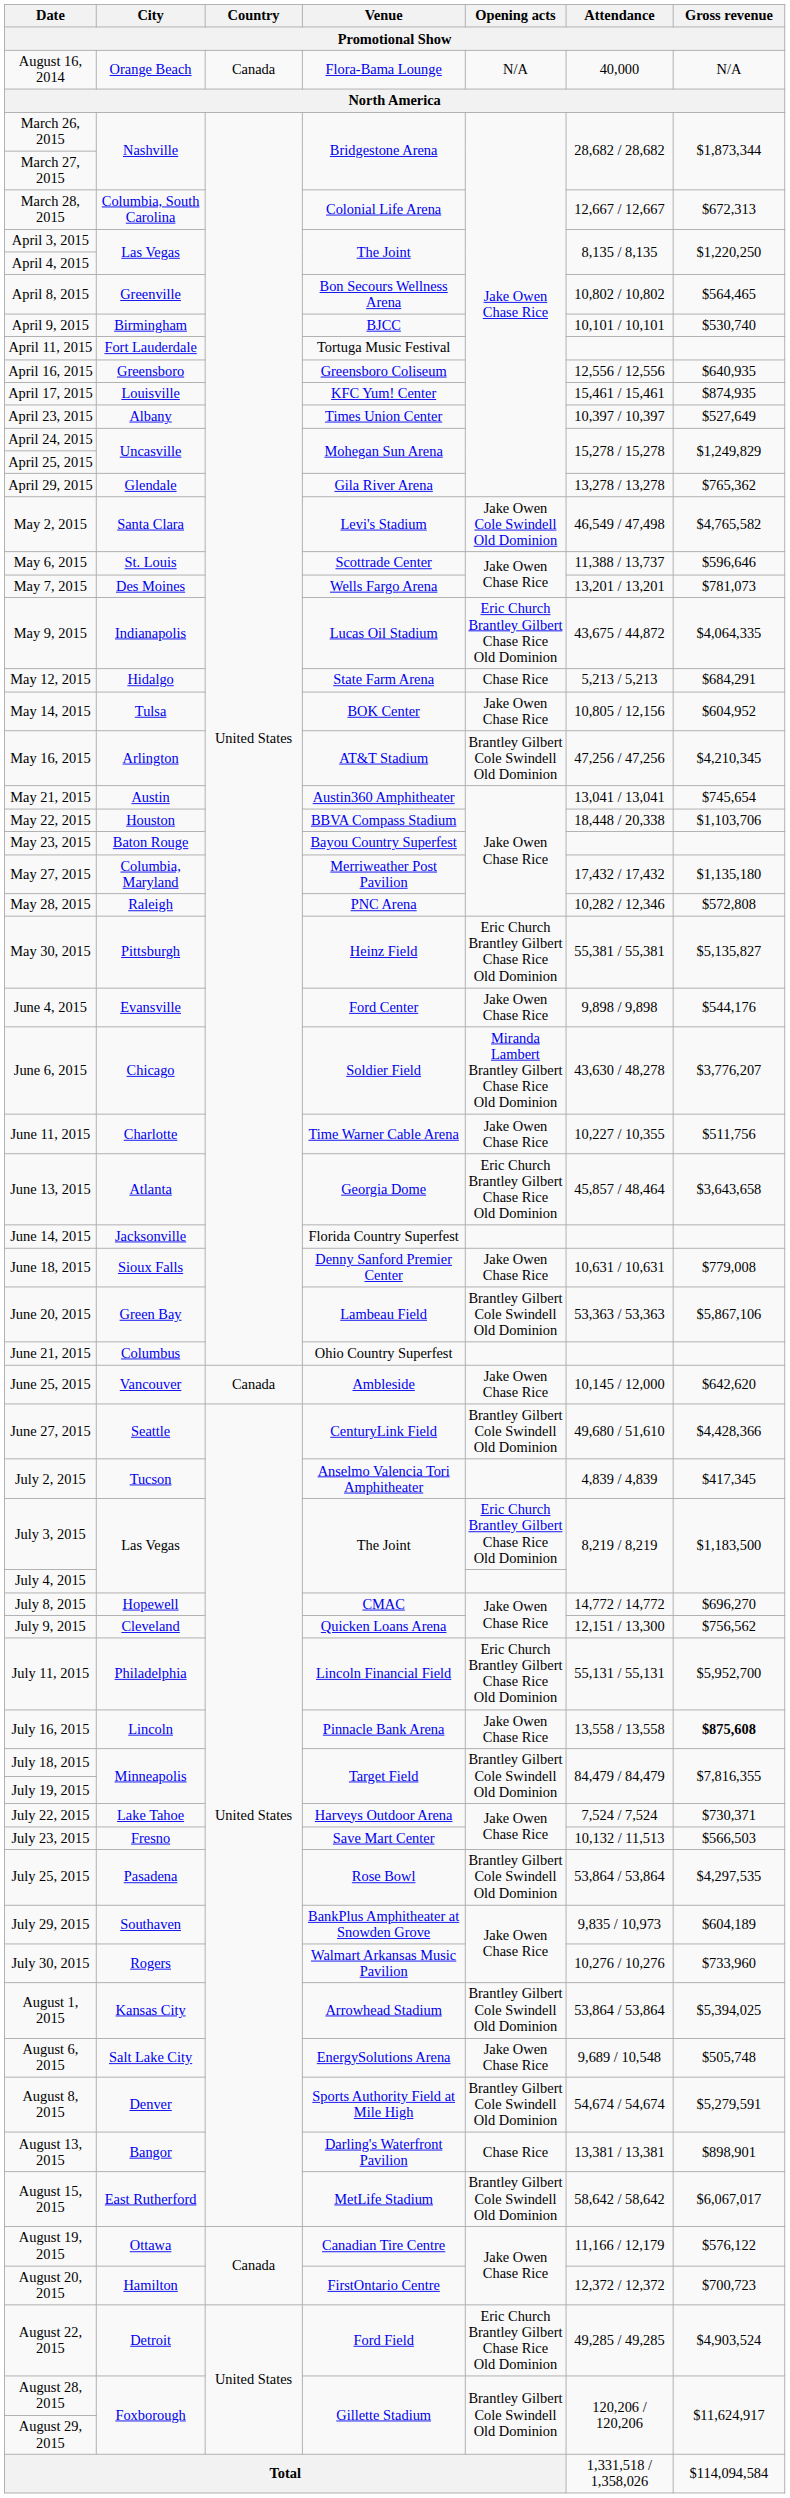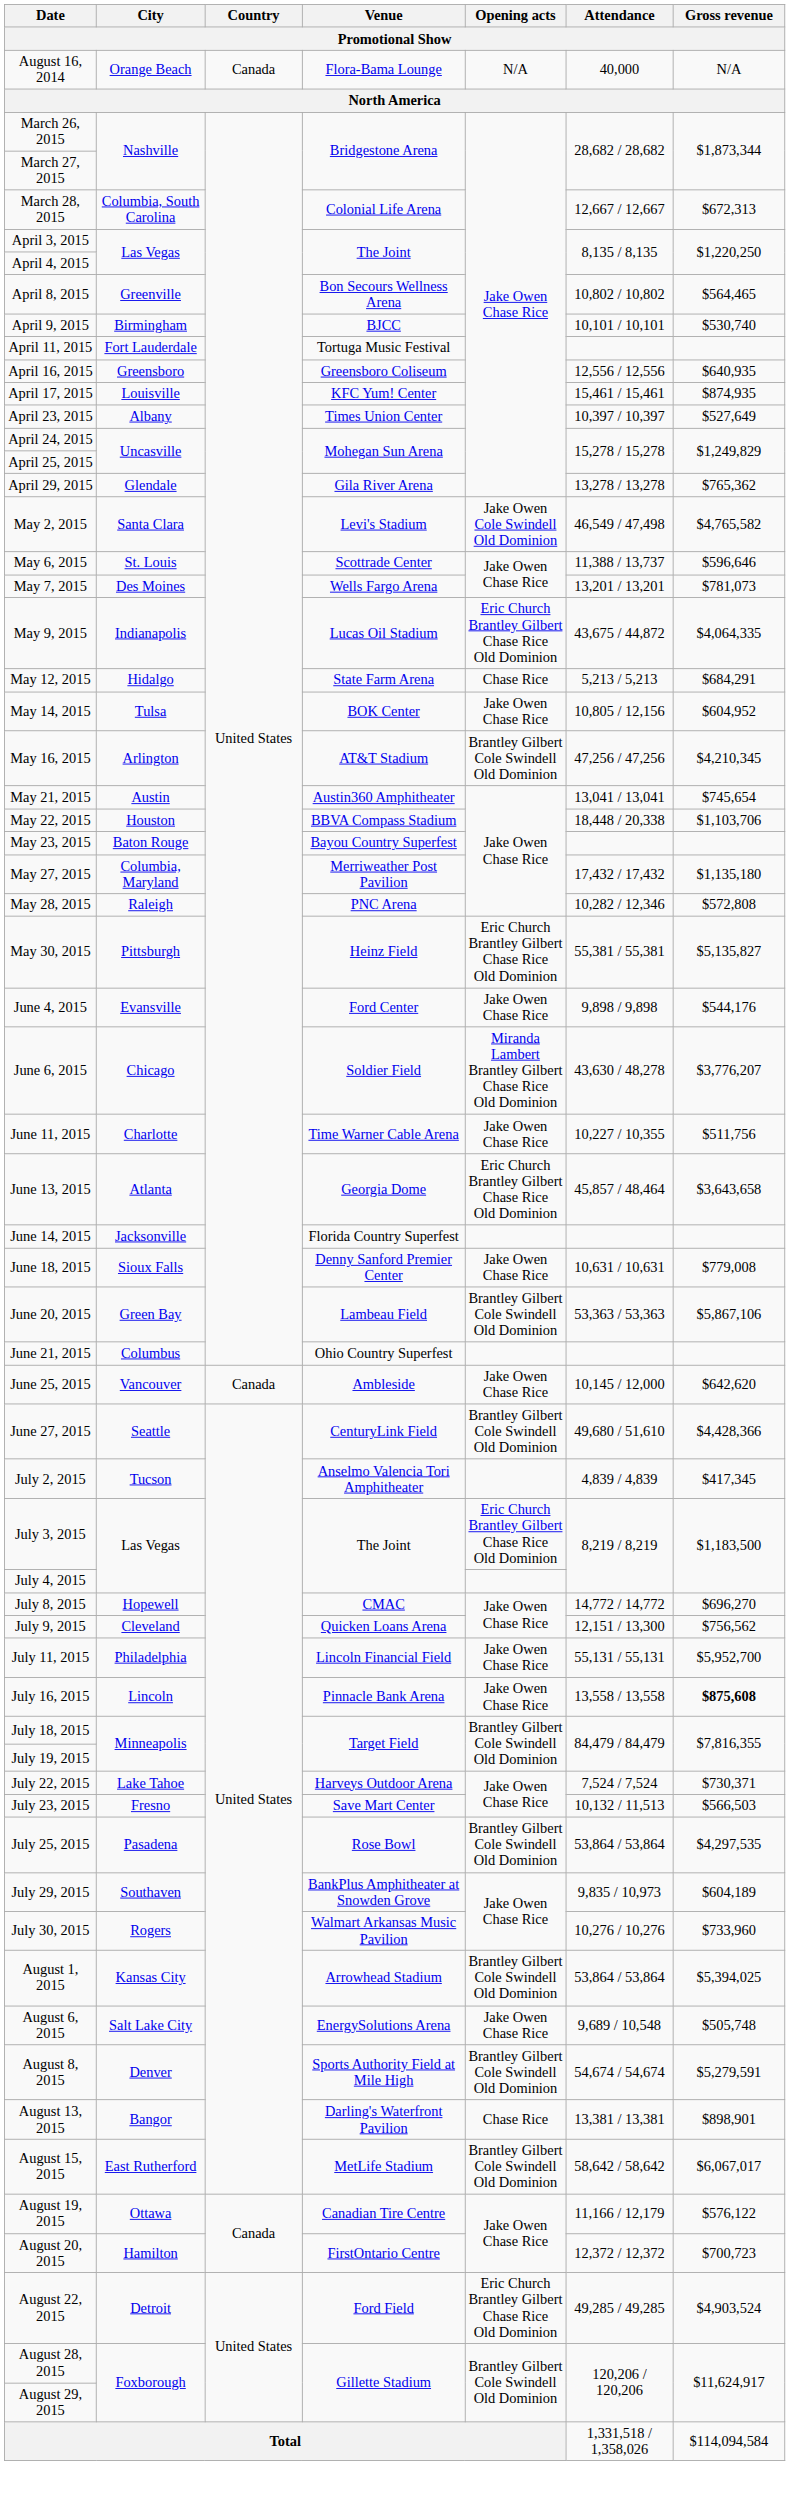 <table class="wikitable" style="text-align:center;">
 <tr>
 <th style="width:150px;">Date</th>
 <th style="width:150px;">City</th>
 <th style="width:150px;">Country</th>
 <th style="width:250px;">Venue</th>
 <th style="width:150px;">Opening acts</th>
 <th style="width:150px;">Attendance</th>
 <th style="width:150px;">Gross revenue</th>
 </tr>
 <tr>
 <th colspan="7">Promotional Show</th>
 </tr>
 <tr>
 <td>August 16, 2014</td>
 <td><a href='#'>Orange Beach</a></td>
 <td>Canada</td>
 <td><a href='#'>Flora-Bama Lounge</a></td>
 <td>N/A</td>
 <td>40,000</td>
 <td>N/A</td>
 </tr>
 <tr>
 <th colspan="7"><strong>North America</strong></th>
 </tr>
 <tr>
 <td>March 26, 2015</td>
 <td rowspan="2"><a href='#'>Nashville</a></td>
 <td rowspan="35">United States</td>
 <td rowspan="2"><a href='#'>Bridgestone Arena</a></td>
 <td rowspan="14"><a href='#'>Jake Owen</a><br><a href='#'>Chase Rice</a></td>
 <td rowspan="2">28,682 / 28,682</td>
 <td rowspan="2">$1,873,344</td>
 </tr>
 <tr>
 <td>March 27, 2015</td>
 </tr>
 <tr>
 <td>March 28, 2015</td>
 <td><a href='#'>Columbia, South Carolina</a></td>
 <td><a href='#'>Colonial Life Arena</a></td>
 <td>12,667 / 12,667</td>
 <td>$672,313</td>
 </tr>
 <tr>
 <td>April 3, 2015</td>
 <td rowspan="2"><a href='#'>Las Vegas</a></td>
 <td rowspan="2"><a href='#'>The Joint</a></td>
 <td rowspan="2">8,135 / 8,135</td>
 <td rowspan="2">$1,220,250</td>
 </tr>
 <tr>
 <td>April 4, 2015</td>
 </tr>
 <tr>
 <td>April 8, 2015</td>
 <td><a href='#'>Greenville</a></td>
 <td><a href='#'>Bon Secours Wellness Arena</a></td>
 <td>10,802 / 10,802</td>
 <td>$564,465</td>
 </tr>
 <tr>
 <td>April 9, 2015</td>
 <td><a href='#'>Birmingham</a></td>
 <td><a href='#'>BJCC</a></td>
 <td>10,101 / 10,101</td>
 <td>$530,740</td>
 </tr>
 <tr>
 <td>April 11, 2015</td>
 <td><a href='#'>Fort Lauderdale</a></td>
 <td>Tortuga Music Festival</td>
 <td></td>
 <td></td>
 </tr>
 <tr>
 <td>April 16, 2015</td>
 <td><a href='#'>Greensboro</a></td>
 <td><a href='#'>Greensboro Coliseum</a></td>
 <td>12,556 / 12,556</td>
 <td>$640,935</td>
 </tr>
 <tr>
 <td>April 17, 2015</td>
 <td><a href='#'>Louisville</a></td>
 <td><a href='#'>KFC Yum! Center</a></td>
 <td>15,461 / 15,461</td>
 <td>$874,935</td>
 </tr>
 <tr>
 <td>April 23, 2015 </td>
 <td><a href='#'>Albany</a></td>
 <td><a href='#'>Times Union Center</a></td>
 <td>10,397 / 10,397</td>
 <td>$527,649</td>
 </tr>
 <tr>
 <td>April 24, 2015</td>
 <td rowspan="2"><a href='#'>Uncasville</a></td>
 <td rowspan="2"><a href='#'>Mohegan Sun Arena</a></td>
 <td rowspan="2">15,278 / 15,278</td>
 <td rowspan="2">$1,249,829</td>
 </tr>
 <tr>
 <td>April 25, 2015</td>
 </tr>
 <tr>
 <td>April 29, 2015</td>
 <td><a href='#'>Glendale</a></td>
 <td><a href='#'>Gila River Arena</a></td>
 <td>13,278 / 13,278</td>
 <td>$765,362</td>
 </tr>
 <tr>
 <td>May 2, 2015 </td>
 <td><a href='#'>Santa Clara</a></td>
 <td><a href='#'>Levi's Stadium</a></td>
 <td>Jake Owen<br><a href='#'>Cole Swindell</a><br><a href='#'>Old Dominion</a></td>
 <td>46,549 / 47,498</td>
 <td>$4,765,582</td>
 </tr>
 <tr>
 <td>May 6, 2015</td>
 <td><a href='#'>St. Louis</a></td>
 <td><a href='#'>Scottrade Center</a></td>
 <td rowspan="2">Jake Owen<br>Chase Rice</td>
 <td>11,388 / 13,737</td>
 <td>$596,646</td>
 </tr>
 <tr>
 <td>May 7, 2015</td>
 <td><a href='#'>Des Moines</a></td>
 <td><a href='#'>Wells Fargo Arena</a></td>
 <td>13,201 / 13,201</td>
 <td>$781,073</td>
 </tr>
 <tr>
 <td>May 9, 2015 </td>
 <td><a href='#'>Indianapolis</a></td>
 <td><a href='#'>Lucas Oil Stadium</a></td>
 <td><a href='#'>Eric Church</a><br><a href='#'>Brantley Gilbert</a><br>Chase Rice<br>Old Dominion</td>
 <td>43,675 / 44,872</td>
 <td>$4,064,335</td>
 </tr>
 <tr>
 <td>May 12, 2015</td>
 <td><a href='#'>Hidalgo</a></td>
 <td><a href='#'>State Farm Arena</a></td>
 <td>Chase Rice</td>
 <td>5,213 / 5,213</td>
 <td>$684,291</td>
 </tr>
 <tr>
 <td>May 14, 2015</td>
 <td><a href='#'>Tulsa</a></td>
 <td><a href='#'>BOK Center</a></td>
 <td>Jake Owen<br>Chase Rice</td>
 <td>10,805 / 12,156</td>
 <td>$604,952</td>
 </tr>
 <tr>
 <td>May 16, 2015 </td>
 <td><a href='#'>Arlington</a></td>
 <td><a href='#'>AT&T Stadium</a></td>
 <td>Brantley Gilbert<br>Cole Swindell<br>Old Dominion</td>
 <td>47,256 / 47,256</td>
 <td>$4,210,345</td>
 </tr>
 <tr>
 <td>May 21, 2015</td>
 <td><a href='#'>Austin</a></td>
 <td><a href='#'>Austin360 Amphitheater</a></td>
 <td rowspan="5">Jake Owen<br>Chase Rice</td>
 <td>13,041 / 13,041</td>
 <td>$745,654</td>
 </tr>
 <tr>
 <td>May 22, 2015</td>
 <td><a href='#'>Houston</a></td>
 <td><a href='#'>BBVA Compass Stadium</a></td>
 <td>18,448 / 20,338</td>
 <td>$1,103,706</td>
 </tr>
 <tr>
 <td>May 23, 2015</td>
 <td><a href='#'>Baton Rouge</a></td>
 <td><a href='#'>Bayou Country Superfest</a></td>
 <td></td>
 <td></td>
 </tr>
 <tr>
 <td>May 27, 2015</td>
 <td><a href='#'>Columbia, Maryland</a></td>
 <td><a href='#'>Merriweather Post Pavilion</a></td>
 <td>17,432 / 17,432</td>
 <td>$1,135,180</td>
 </tr>
 <tr>
 <td>May 28, 2015</td>
 <td><a href='#'>Raleigh</a></td>
 <td><a href='#'>PNC Arena</a></td>
 <td>10,282 / 12,346</td>
 <td>$572,808</td>
 </tr>
 <tr>
 <td>May 30, 2015 </td>
 <td><a href='#'>Pittsburgh</a></td>
 <td><a href='#'>Heinz Field</a></td>
 <td>Eric Church<br>Brantley Gilbert<br>Chase Rice<br>Old Dominion</td>
 <td>55,381 / 55,381</td>
 <td>$5,135,827</td>
 </tr>
 <tr>
 <td>June 4, 2015</td>
 <td><a href='#'>Evansville</a></td>
 <td><a href='#'>Ford Center</a></td>
 <td>Jake Owen<br>Chase Rice</td>
 <td>9,898 / 9,898</td>
 <td>$544,176</td>
 </tr>
 <tr>
 <td>June 6, 2015 </td>
 <td><a href='#'>Chicago</a></td>
 <td><a href='#'>Soldier Field</a></td>
 <td><a href='#'>Miranda Lambert</a><br>Brantley Gilbert<br>Chase Rice<br>Old Dominion</td>
 <td>43,630 / 48,278</td>
 <td>$3,776,207</td>
 </tr>
 <tr>
 <td>June 11, 2015</td>
 <td><a href='#'>Charlotte</a></td>
 <td><a href='#'>Time Warner Cable Arena</a></td>
 <td>Jake Owen<br>Chase Rice</td>
 <td>10,227 / 10,355</td>
 <td>$511,756</td>
 </tr>
 <tr>
 <td>June 13, 2015 </td>
 <td><a href='#'>Atlanta</a></td>
 <td><a href='#'>Georgia Dome</a></td>
 <td>Eric Church<br>Brantley Gilbert<br>Chase Rice<br>Old Dominion</td>
 <td>45,857 / 48,464</td>
 <td>$3,643,658</td>
 </tr>
 <tr>
 <td>June 14, 2015</td>
 <td><a href='#'>Jacksonville</a></td>
 <td>Florida Country Superfest</td>
 <td></td>
 <td></td>
 <td></td>
 </tr>
 <tr>
 <td>June 18, 2015</td>
 <td><a href='#'>Sioux Falls</a></td>
 <td><a href='#'>Denny Sanford Premier Center</a></td>
 <td>Jake Owen<br>Chase Rice</td>
 <td>10,631 / 10,631</td>
 <td>$779,008</td>
 </tr>
 <tr>
 <td>June 20, 2015 </td>
 <td><a href='#'>Green Bay</a></td>
 <td><a href='#'>Lambeau Field</a></td>
 <td>Brantley Gilbert<br>Cole Swindell<br>Old Dominion</td>
 <td>53,363 / 53,363</td>
 <td>$5,867,106</td>
 </tr>
 <tr>
 <td>June 21, 2015</td>
 <td><a href='#'>Columbus</a></td>
 <td>Ohio Country Superfest</td>
 <td></td>
 <td></td>
 <td></td>
 </tr>
 <tr>
 <td>June 25, 2015</td>
 <td><a href='#'>Vancouver</a></td>
 <td>Canada</td>
 <td><a href='#'>Ambleside</a></td>
 <td>Jake Owen<br>Chase Rice</td>
 <td>10,145 / 12,000</td>
 <td>$642,620</td>
 </tr>
 <tr>
 <td>June 27, 2015 </td>
 <td><a href='#'>Seattle</a></td>
 <td rowspan="20">United States</td>
 <td><a href='#'>CenturyLink Field</a></td>
 <td>Brantley Gilbert<br>Cole Swindell<br>Old Dominion</td>
 <td>49,680 / 51,610</td>
 <td>$4,428,366</td>
 </tr>
 <tr>
 <td>July 2, 2015</td>
 <td><a href='#'>Tucson</a></td>
 <td><a href='#'>Anselmo Valencia Tori Amphitheater</a></td>
 <td></td>
 <td>4,839 / 4,839</td>
 <td>$417,345</td>
 </tr>
 <tr>
 <td>July 3, 2015</td>
 <td rowspan="2">Las Vegas</td>
 <td rowspan="2">The Joint</td>
 <td><a href='#'>Eric Church</a><br><a href='#'>Brantley Gilbert</a><br>Chase Rice<br>Old Dominion</td>
 <td rowspan="2">8,219 / 8,219</td>
 <td rowspan="2">$1,183,500</td>
 </tr>
 <tr>
 <td>July 4, 2015</td>
 </tr>
 <tr>
 <td>July 8, 2015</td>
 <td><a href='#'>Hopewell</a></td>
 <td><a href='#'>CMAC</a></td>
 <td rowspan="2">Jake Owen<br>Chase Rice</td>
 <td>14,772 / 14,772</td>
 <td>$696,270</td>
 </tr>
 <tr>
 <td>July 9, 2015</td>
 <td><a href='#'>Cleveland</a></td>
 <td><a href='#'>Quicken Loans Arena</a></td>
 <td>12,151 / 13,300</td>
 <td>$756,562</td>
 </tr>
 <tr>
 <td>July 11, 2015  </td>
 <td><a href='#'>Philadelphia</a></td>
 <td><a href='#'>Lincoln Financial Field</a></td>
-<td>Eric Church<br>Brantley Gilbert<br>Chase Rice<br>Old Dominion</td>
+<td>Jake Owen<br>Chase Rice</td>
 <td>55,131 / 55,131</td>
 <td>$5,952,700</td>
 </tr>
 <tr>
 <td>July 16, 2015</td>
 <td><a href='#'>Lincoln</a></td>
 <td><a href='#'>Pinnacle Bank Arena</a></td>
 <td>Jake Owen<br>Chase Rice</td>
 <td>13,558 / 13,558</td>
 <td><strong>$875,608</strong></td>
 </tr>
 <tr>
 <td>July 18, 2015 </td>
 <td rowspan="2"><a href='#'>Minneapolis</a></td>
 <td rowspan="2"><a href='#'>Target Field</a></td>
 <td rowspan="2">Brantley Gilbert<br>Cole Swindell<br>Old Dominion</td>
 <td rowspan="2">84,479 / 84,479</td>
 <td rowspan="2">$7,816,355</td>
 </tr>
 <tr>
 <td>July 19, 2015 </td>
 </tr>
 <tr>
 <td>July 22, 2015</td>
 <td><a href='#'>Lake Tahoe</a></td>
 <td><a href='#'>Harveys Outdoor Arena</a></td>
 <td rowspan="2">Jake Owen<br>Chase Rice</td>
 <td>7,524 / 7,524</td>
 <td>$730,371</td>
 </tr>
 <tr>
 <td>July 23, 2015</td>
 <td><a href='#'>Fresno</a></td>
 <td><a href='#'>Save Mart Center</a></td>
 <td>10,132 / 11,513</td>
 <td>$566,503</td>
 </tr>
 <tr>
 <td>July 25, 2015 </td>
 <td><a href='#'>Pasadena</a></td>
 <td><a href='#'>Rose Bowl</a></td>
 <td>Brantley Gilbert<br>Cole Swindell<br>Old Dominion</td>
 <td>53,864 / 53,864</td>
 <td>$4,297,535</td>
 </tr>
 <tr>
 <td>July 29, 2015</td>
 <td><a href='#'>Southaven</a></td>
 <td><a href='#'>BankPlus Amphitheater at Snowden Grove</a></td>
 <td rowspan="2">Jake Owen<br>Chase Rice</td>
 <td>9,835 / 10,973</td>
 <td>$604,189</td>
 </tr>
 <tr>
 <td>July 30, 2015</td>
 <td><a href='#'>Rogers</a></td>
 <td><a href='#'>Walmart Arkansas Music Pavilion</a></td>
 <td>10,276 / 10,276</td>
 <td>$733,960</td>
 </tr>
 <tr>
 <td>August 1, 2015 </td>
 <td><a href='#'>Kansas City</a></td>
 <td><a href='#'>Arrowhead Stadium</a></td>
 <td>Brantley Gilbert<br>Cole Swindell<br>Old Dominion</td>
 <td>53,864 / 53,864</td>
 <td>$5,394,025</td>
 </tr>
 <tr>
 <td>August 6, 2015</td>
 <td><a href='#'>Salt Lake City</a></td>
 <td><a href='#'>EnergySolutions Arena</a></td>
 <td>Jake Owen<br>Chase Rice</td>
 <td>9,689 / 10,548</td>
 <td>$505,748</td>
 </tr>
 <tr>
 <td>August 8, 2015 </td>
 <td><a href='#'>Denver</a></td>
 <td><a href='#'>Sports Authority Field at Mile High</a></td>
 <td>Brantley Gilbert<br>Cole Swindell<br>Old Dominion</td>
 <td>54,674 / 54,674</td>
 <td>$5,279,591</td>
 </tr>
 <tr>
 <td>August 13, 2015</td>
 <td><a href='#'>Bangor</a></td>
 <td><a href='#'>Darling's Waterfront Pavilion</a></td>
 <td>Chase Rice</td>
 <td>13,381 / 13,381</td>
 <td>$898,901</td>
 </tr>
 <tr>
 <td>August 15, 2015 </td>
 <td><a href='#'>East Rutherford</a></td>
 <td><a href='#'>MetLife Stadium</a></td>
 <td>Brantley Gilbert<br>Cole Swindell<br>Old Dominion</td>
 <td>58,642 / 58,642</td>
 <td>$6,067,017</td>
 </tr>
 <tr>
 <td>August 19, 2015</td>
 <td><a href='#'>Ottawa</a></td>
 <td rowspan="2">Canada</td>
 <td><a href='#'>Canadian Tire Centre</a></td>
 <td rowspan="2">Jake Owen<br>Chase Rice</td>
 <td>11,166 / 12,179</td>
 <td>$576,122</td>
 </tr>
 <tr>
 <td>August 20, 2015</td>
 <td><a href='#'>Hamilton</a></td>
 <td><a href='#'>FirstOntario Centre</a></td>
 <td>12,372 / 12,372</td>
 <td>$700,723</td>
 </tr>
 <tr>
 <td>August 22, 2015 </td>
 <td><a href='#'>Detroit</a></td>
 <td rowspan="3">United States</td>
 <td><a href='#'>Ford Field</a></td>
 <td>Eric Church<br>Brantley Gilbert<br>Chase Rice<br>Old Dominion</td>
 <td>49,285 / 49,285</td>
 <td>$4,903,524</td>
 </tr>
 <tr>
 <td>August 28, 2015 </td>
 <td rowspan="2"><a href='#'>Foxborough</a></td>
 <td rowspan="2"><a href='#'>Gillette Stadium</a></td>
 <td rowspan="2">Brantley Gilbert<br>Cole Swindell<br>Old Dominion</td>
 <td rowspan="2">120,206 / 120,206</td>
 <td rowspan="2">$11,624,917</td>
 </tr>
 <tr>
 <td>August 29, 2015 </td>
 </tr>
 <tr>
 <th colspan="5">Total</th>
 <td>1,331,518 / 1,358,026</td>
 <td>$114,094,584</td>
 </tr>
 </table>
